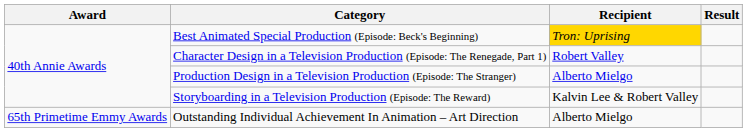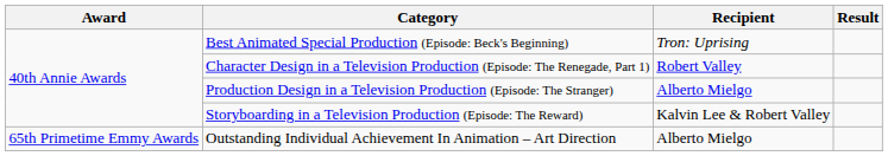 <table class="wikitable">
 <tr>
 <th>Award</th>
 <th>Category</th>
 <th>Recipient</th>
 <th>Result</th>
 </tr>
 <tr>
 <td rowspan="4"><a href='#'>40th Annie Awards</a></td>
 <td><a href='#'>Best Animated Special Production</a> <small>(Episode: Beck's Beginning)</small></td>
-<td style="background: gold;"><em>Tron: Uprising</em></td>
+<td><em>Tron: Uprising</em></td>
 <td></td>
 </tr>
 <tr>
 <td><a href='#'>Character Design in a Television Production</a> <small>(Episode: The Renegade, Part 1)</small></td>
 <td><a href='#'>Robert Valley</a></td>
 <td></td>
 </tr>
 <tr>
 <td><a href='#'>Production Design in a Television Production</a> <small>(Episode: The Stranger)</small></td>
 <td><a href='#'>Alberto Mielgo</a></td>
 <td></td>
 </tr>
 <tr>
 <td><a href='#'>Storyboarding in a Television Production</a> <small>(Episode: The Reward)</small></td>
 <td>Kalvin Lee & Robert Valley</td>
 <td></td>
 </tr>
 <tr>
 <td><a href='#'>65th Primetime Emmy Awards</a></td>
 <td>Outstanding Individual Achievement In Animation – Art Direction</td>
 <td>Alberto Mielgo</td>
 <td></td>
 </tr>
 </table>
